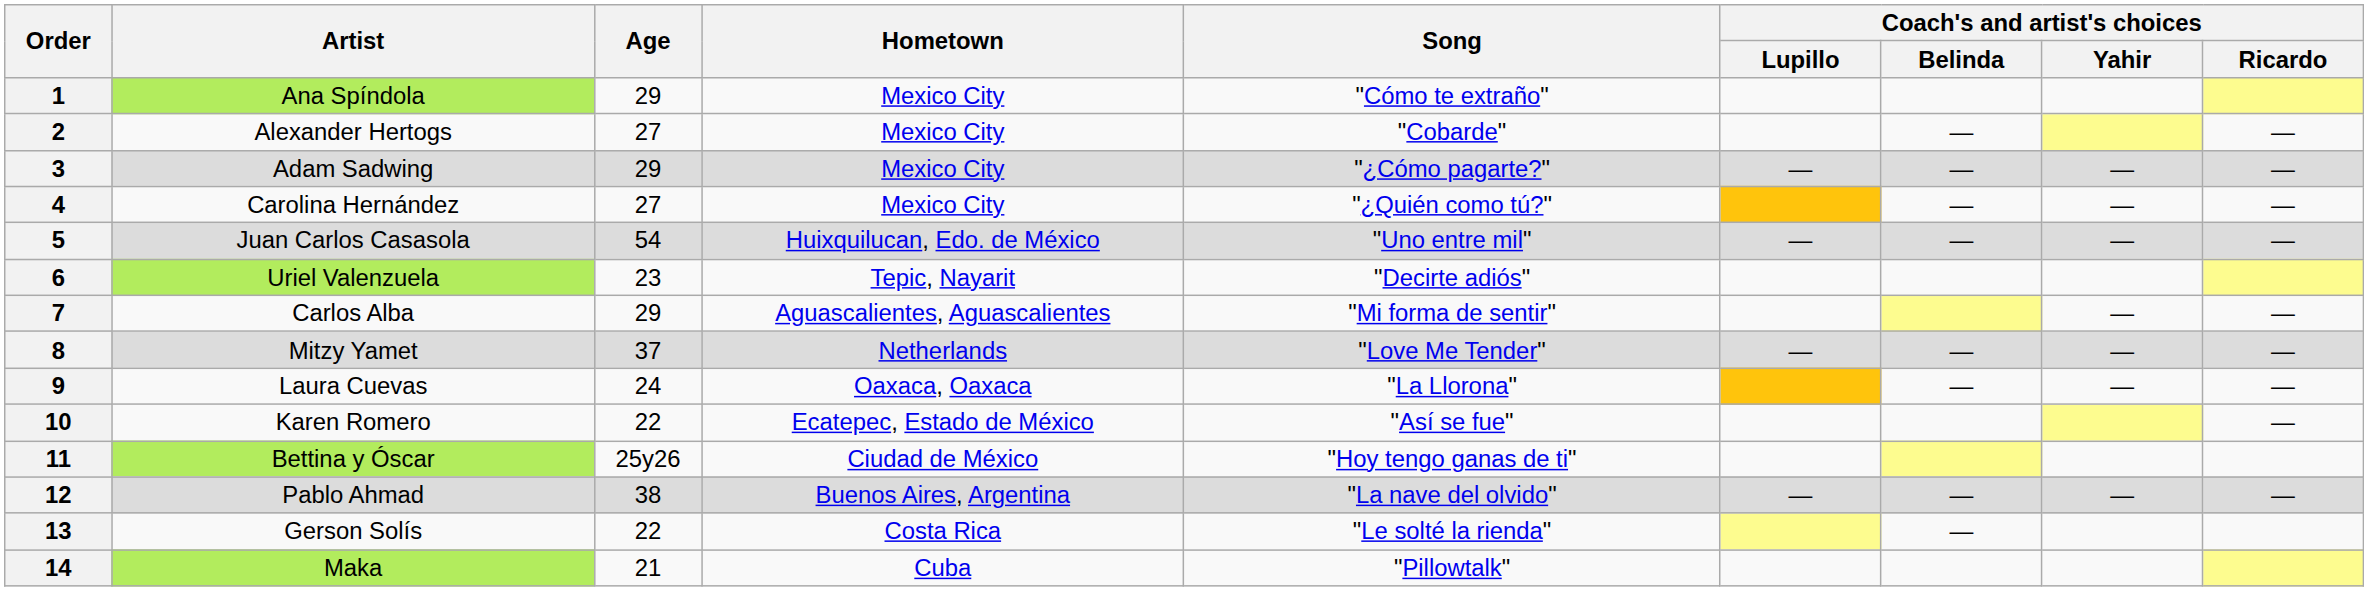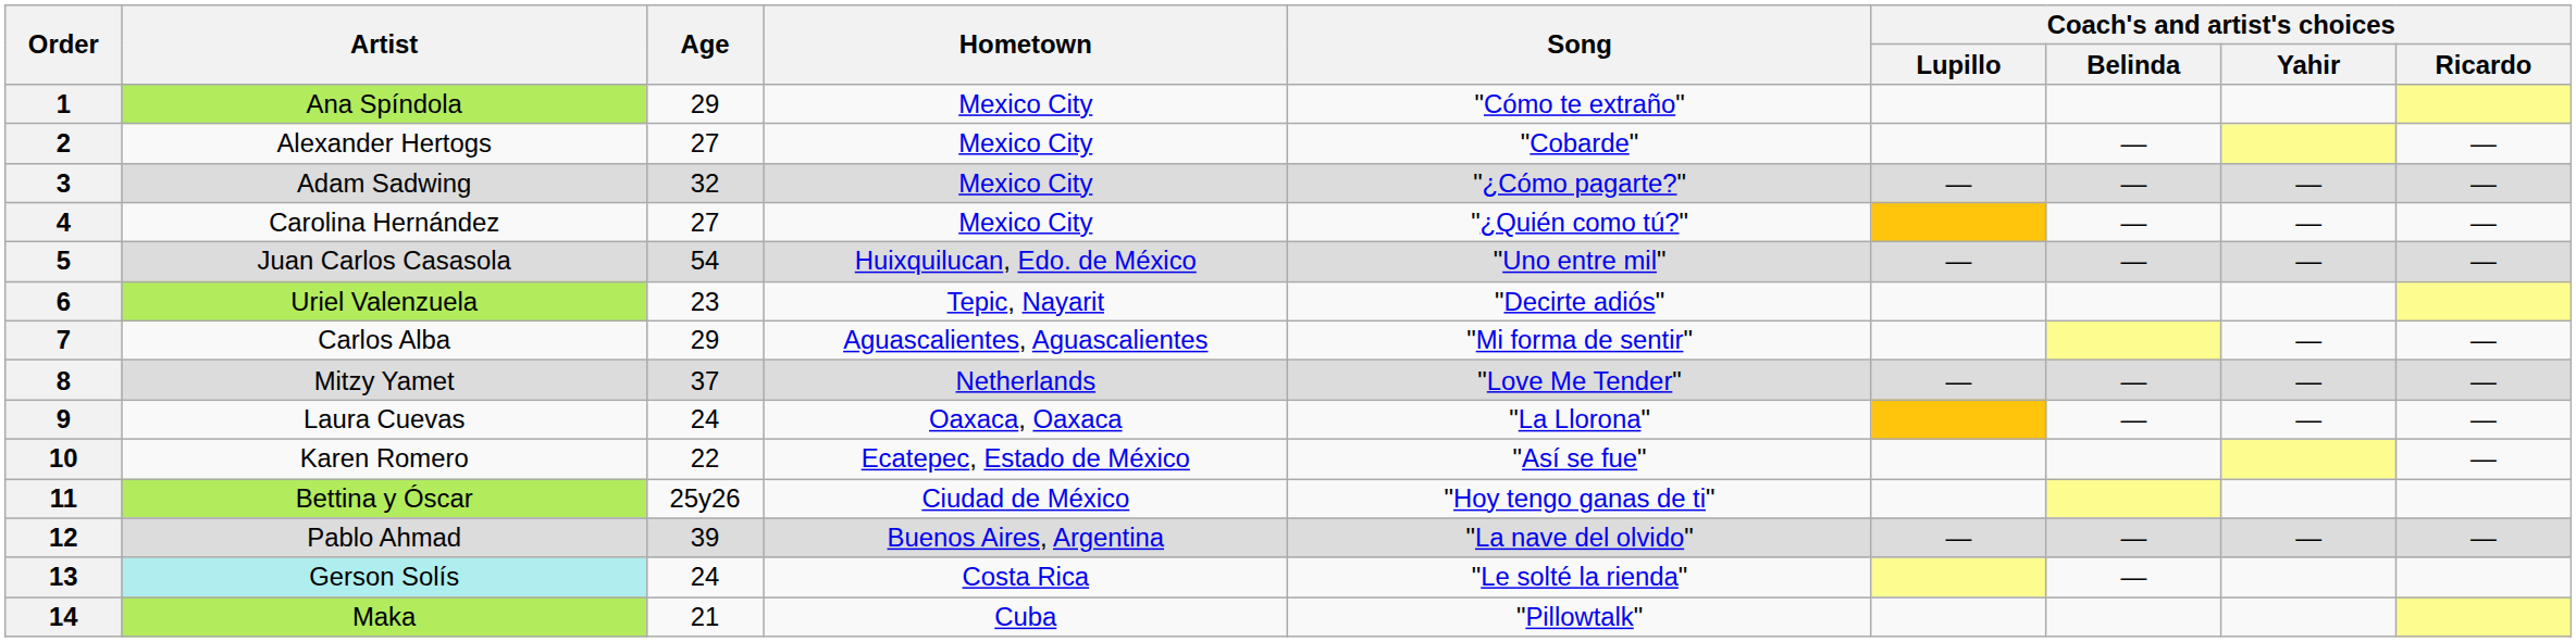 <table class="wikitable" style="text-align:center; line-height:17px; width:100%;">
 <tr>
 <th scope="col" rowspan="2" style="width:04%;">Order</th>
 <th scope="col" rowspan="2" style="width:18%;">Artist</th>
 <th scope="col" rowspan="2" style="width:04%;">Age</th>
 <th scope="col" rowspan="2" style="width:18%;">Hometown</th>
 <th scope="col" rowspan="2" style="width:20%;">Song</th>
 <th scope="col" colspan="4" style="width:24%;">Coach's and artist's choices</th>
 </tr>
 <tr>
 <th style="width:06%;">Lupillo</th>
 <th style="width:06%;">Belinda</th>
 <th style="width:06%;">Yahir</th>
 <th style="width:06%;">Ricardo</th>
 </tr>
 <tr>
 <th>1</th>
 <td style="background:#B2EC5D;">Ana Spíndola</td>
 <td>29</td>
 <td><a href='#'>Mexico City</a></td>
 <td>"<a href='#'>Cómo te extraño</a>"</td>
 <td><strong></strong></td>
 <td><strong></strong></td>
 <td><strong></strong></td>
 <td style="background:#fdfc8f;"><strong></strong></td>
 </tr>
 <tr>
 <th>2</th>
 <td>Alexander Hertogs</td>
 <td>27</td>
 <td><a href='#'>Mexico City</a></td>
 <td>"<a href='#'>Cobarde</a>"</td>
 <td><strong></strong></td>
 <td>—</td>
 <td style="background:#fdfc8f;"><strong></strong></td>
 <td>—</td>
 </tr>
 <tr style="background:#DCDCDC;">
 <th>3</th>
 <td>Adam Sadwing</td>
-<td>29</td>
+<td>32</td>
 <td><a href='#'>Mexico City</a></td>
 <td>"<a href='#'>¿Cómo pagarte?</a>"</td>
 <td>—</td>
 <td>—</td>
 <td>—</td>
 <td>—</td>
 </tr>
 <tr>
 <th>4</th>
 <td>Carolina Hernández</td>
 <td>27</td>
 <td><a href='#'>Mexico City</a></td>
 <td>"<a href='#'>¿Quién como tú?</a>"</td>
 <td style="background:#ffc40c;"><strong></strong></td>
 <td>—</td>
 <td>—</td>
 <td>—</td>
 </tr>
 <tr style="background:#DCDCDC;">
 <th>5</th>
 <td>Juan Carlos Casasola</td>
 <td>54</td>
 <td><a href='#'>Huixquilucan</a>, <a href='#'>Edo. de México</a></td>
 <td>"<a href='#'>Uno entre mil</a>"</td>
 <td>—</td>
 <td>—</td>
 <td>—</td>
 <td>—</td>
 </tr>
 <tr>
 <th>6</th>
 <td style="background:#B2EC5D;">Uriel Valenzuela</td>
 <td>23</td>
 <td><a href='#'>Tepic</a>, <a href='#'>Nayarit</a></td>
 <td>"<a href='#'>Decirte adiós</a>"</td>
 <td><strong></strong></td>
 <td><strong></strong></td>
 <td><strong></strong></td>
 <td style="background:#fdfc8f;"><strong></strong></td>
 </tr>
 <tr>
 <th>7</th>
 <td>Carlos Alba</td>
 <td>29</td>
 <td><a href='#'>Aguascalientes</a>, <a href='#'>Aguascalientes</a></td>
 <td>"<a href='#'>Mi forma de sentir</a>"</td>
 <td><strong></strong></td>
 <td style="background:#fdfc8f;"><strong></strong></td>
 <td>—</td>
 <td>—</td>
 </tr>
 <tr style="background:#DCDCDC;">
 <th>8</th>
 <td>Mitzy Yamet</td>
 <td>37</td>
 <td><a href='#'>Netherlands</a></td>
 <td>"<a href='#'>Love Me Tender</a>"</td>
 <td>—</td>
 <td>—</td>
 <td>—</td>
 <td>—</td>
 </tr>
 <tr>
 <th>9</th>
 <td>Laura Cuevas</td>
 <td>24</td>
 <td><a href='#'>Oaxaca</a>, <a href='#'>Oaxaca</a></td>
 <td>"<a href='#'>La Llorona</a>"</td>
 <td style="background:#ffc40c;"><strong></strong></td>
 <td>—</td>
 <td>—</td>
 <td>—</td>
 </tr>
 <tr>
 <th>10</th>
 <td>Karen Romero</td>
 <td>22</td>
 <td><a href='#'>Ecatepec</a>, <a href='#'>Estado de México</a></td>
 <td>"<a href='#'>Así se fue</a>"</td>
 <td><strong></strong></td>
 <td><strong></strong></td>
 <td style="background:#fdfc8f;"><strong></strong></td>
 <td>—</td>
 </tr>
 <tr>
 <th>11</th>
 <td style="background:#B2EC5D;">Bettina y Óscar</td>
 <td>25y26</td>
 <td><a href='#'>Ciudad de México</a></td>
 <td>"<a href='#'>Hoy tengo ganas de ti</a>"</td>
 <td><strong></strong></td>
 <td style="background:#fdfc8f;"><strong></strong></td>
 <td><strong></strong></td>
 <td><strong></strong></td>
 </tr>
 <tr style="background:#DCDCDC;">
 <th>12</th>
 <td>Pablo Ahmad</td>
-<td>38</td>
+<td>39</td>
 <td><a href='#'>Buenos Aires</a>, <a href='#'>Argentina</a></td>
 <td>"<a href='#'>La nave del olvido</a>"</td>
 <td>—</td>
 <td>—</td>
 <td>—</td>
 <td>—</td>
 </tr>
 <tr>
 <th>13</th>
-<td>Gerson Solís</td>
-<td>22</td>
+<td style="background: paleturquoise;">Gerson Solís</td>
+<td>24</td>
 <td><a href='#'>Costa Rica</a></td>
 <td>"<a href='#'>Le solté la rienda</a>"</td>
 <td style="background:#fdfc8f;"><strong></strong></td>
 <td>—</td>
 <td><strong></strong></td>
 <td><strong></strong></td>
 </tr>
 <tr>
 <th>14</th>
 <td style="background:#B2EC5D;">Maka</td>
 <td>21</td>
 <td><a href='#'>Cuba</a></td>
 <td>"<a href='#'>Pillowtalk</a>"</td>
 <td><strong></strong></td>
 <td><strong></strong></td>
 <td><strong></strong></td>
 <td style="background:#fdfc8f;"><strong></strong></td>
 </tr>
 </table>
